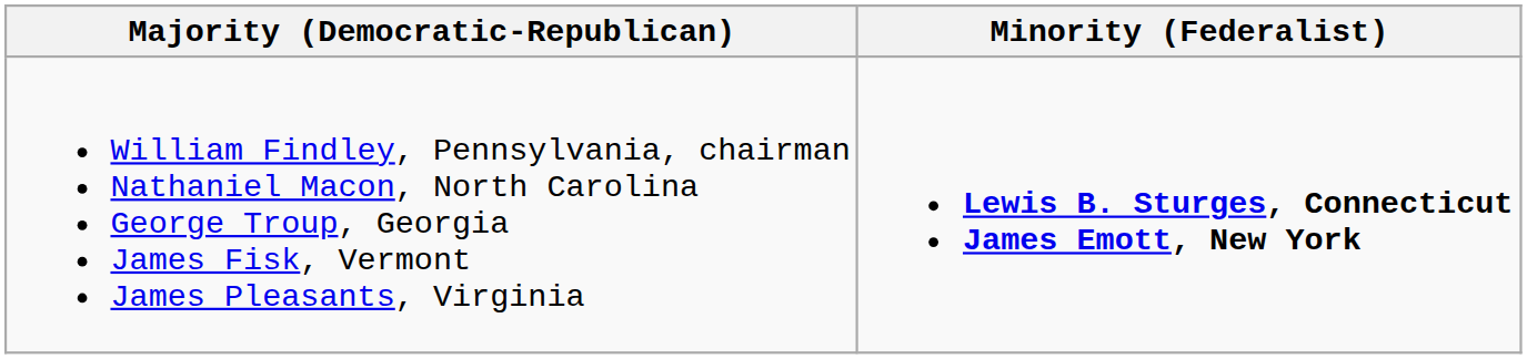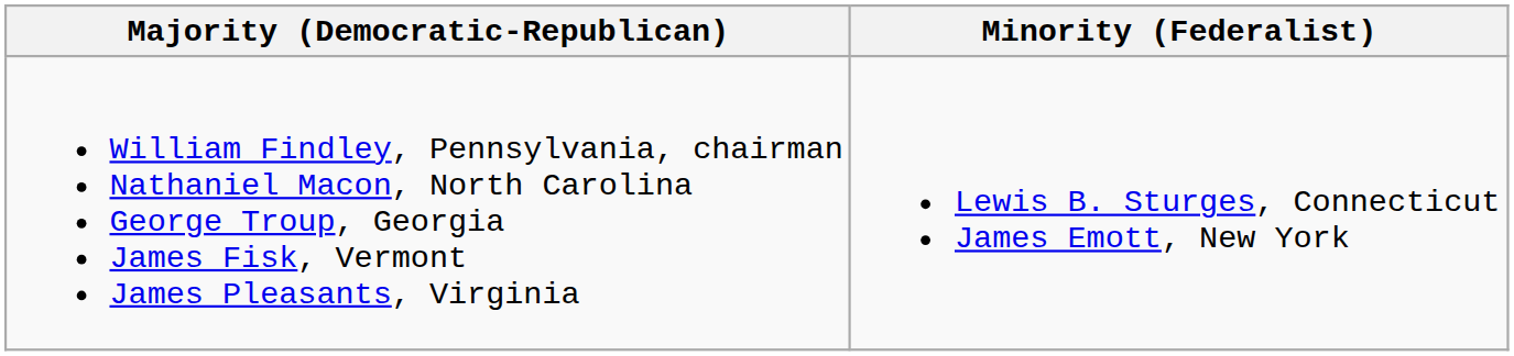 <table class=wikitable>
 <tr>
 <th>Majority (Democratic-Republican)</th>
 <th>Minority (Federalist)</th>
 </tr>
 <tr>
 <td><br><ul><li><a href='#'>William Findley</a>, Pennsylvania, chairman</li><li><a href='#'>Nathaniel Macon</a>, North Carolina</li><li><a href='#'>George Troup</a>, Georgia</li><li><a href='#'>James Fisk</a>, Vermont</li><li><a href='#'>James Pleasants</a>, Virginia</li></ul></td>
-<td><strong><br><ul><li><a href='#'>Lewis B. Sturges</a>, Connecticut</li><li><a href='#'>James Emott</a>, New York</li></ul></strong></td>
+<td><br><ul><li><a href='#'>Lewis B. Sturges</a>, Connecticut</li><li><a href='#'>James Emott</a>, New York</li></ul></td>
 </tr>
 </table>
